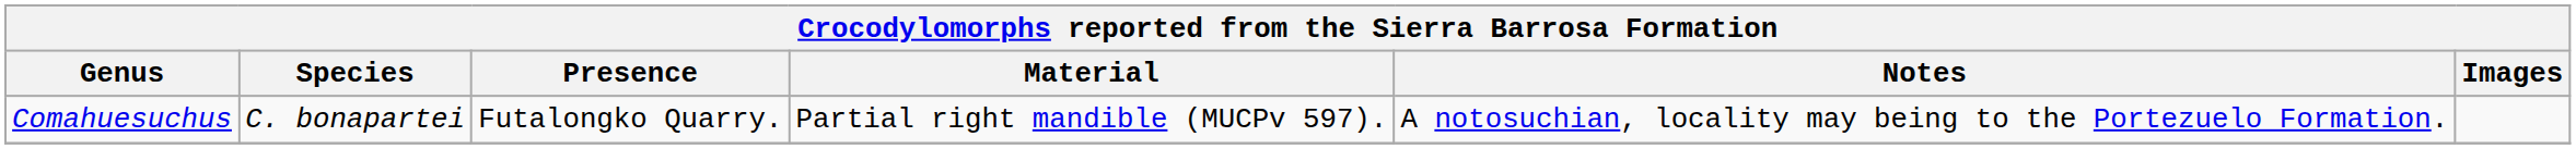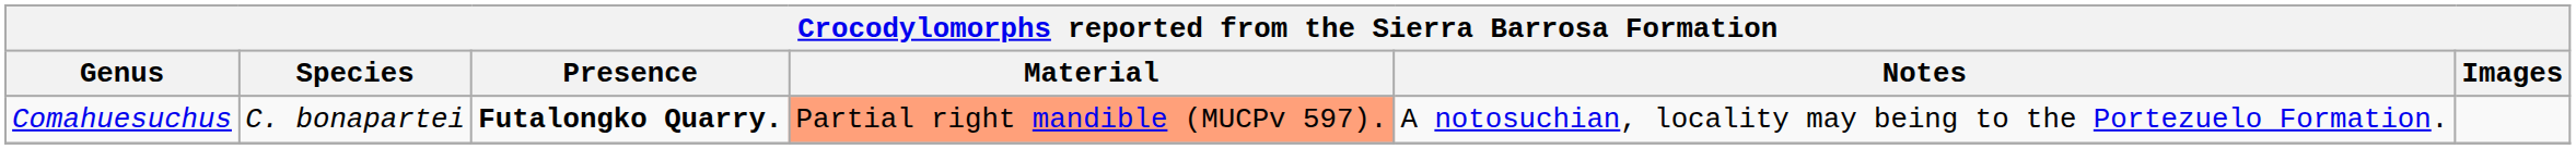 <table class="wikitable" align="center">
 <tr>
 <th colspan="6" align="center"><strong><a href='#'>Crocodylomorphs</a> reported from the Sierra Barrosa Formation</strong></th>
 </tr>
 <tr>
 <th>Genus</th>
 <th>Species</th>
 <th>Presence</th>
 <th><strong>Material</strong></th>
 <th>Notes</th>
 <th>Images</th>
 </tr>
 <tr>
 <td><em><a href='#'>Comahuesuchus</a></em></td>
 <td><em>C. bonapartei</em></td>
-<td>Futalongko Quarry.</td>
-<td>Partial right <a href='#'>mandible</a> (MUCPv 597).</td>
+<td><strong>Futalongko Quarry.</strong></td>
+<td style="background: lightsalmon;">Partial right <a href='#'>mandible</a> (MUCPv 597).</td>
 <td>A <a href='#'>notosuchian</a>, locality may being to the <a href='#'>Portezuelo Formation</a>.</td>
 <td></td>
 </tr>
 <tr>
 </tr>
 </table>
